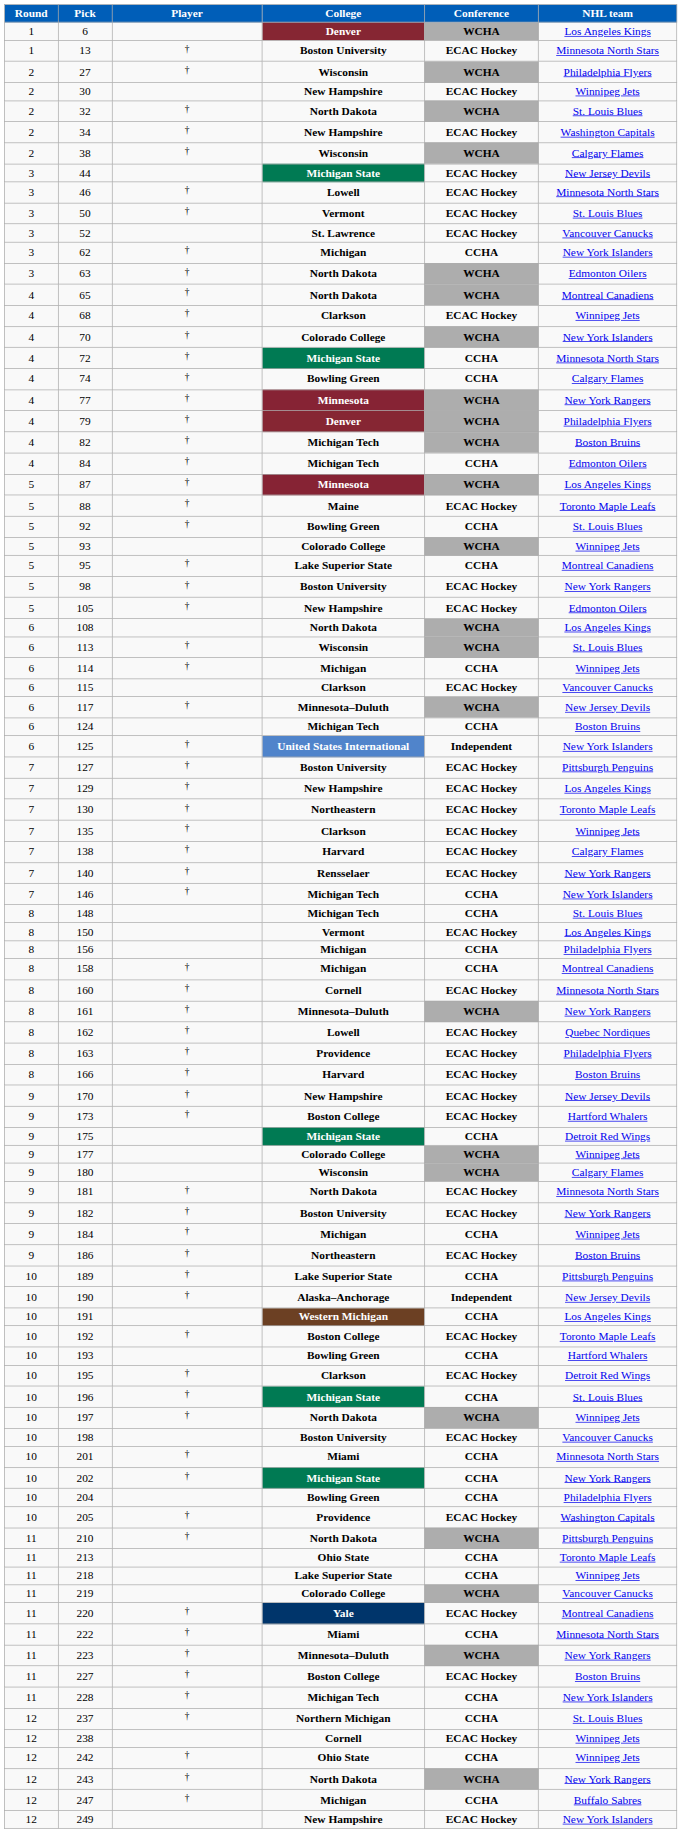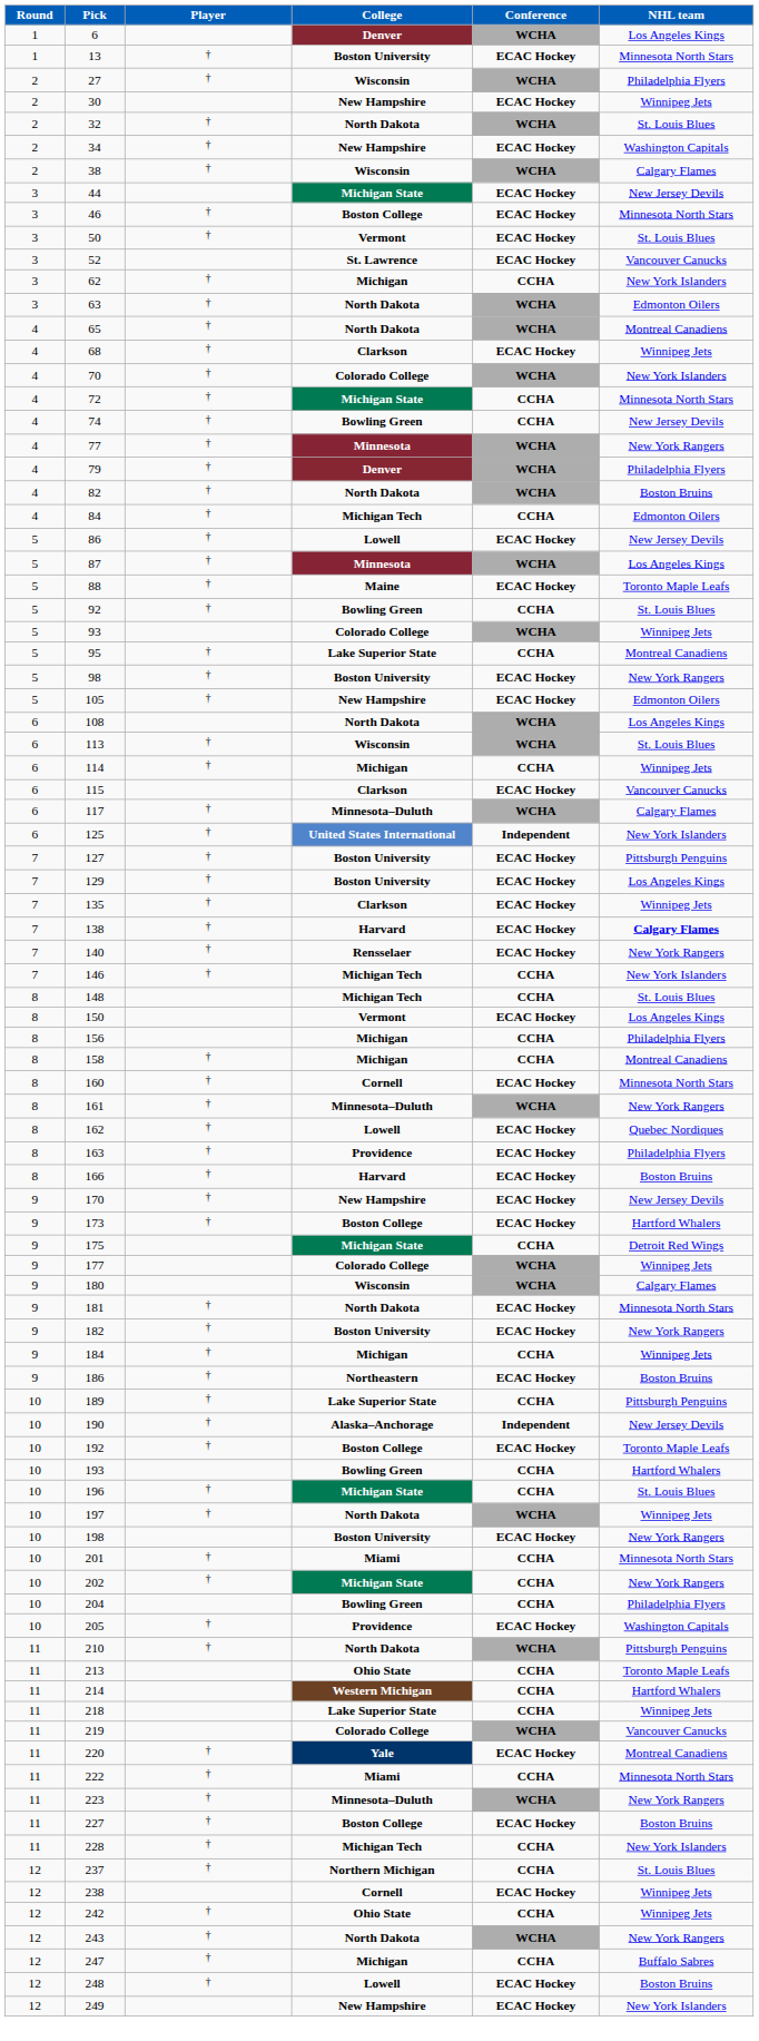 <table class="wikitable sortable" width="75%">
 <tr>
 <th style="color:white; background-color:#005EB8; width: 4em;">Round</th>
 <th style="color:white; background-color:#005EB8; width: 4em;">Pick</th>
 <th style="color:white; background-color:#005EB8; width: 12em;">Player</th>
 <th style="color:white; background-color:#005EB8; width: 13em;">College</th>
 <th style="color:white; background-color:#005EB8; width: 9em;">Conference</th>
 <th style="color:white; background-color:#005EB8; width: 11em;">NHL team</th>
 </tr>
 <tr align="center" bgcolor="">
 <td>1</td>
 <td>6</td>
 <td></td>
 <td style="color:white; background:#862633; "><strong>Denver</strong></td>
 <td style="color:black; background:#ADADAD; "><strong>WCHA</strong></td>
 <td><a href='#'>Los Angeles Kings</a></td>
 </tr>
 <tr align="center" bgcolor="">
 <td>1</td>
 <td>13</td>
 <td> <sup>†</sup></td>
 <td><strong>Boston University</strong></td>
 <td><strong>ECAC Hockey</strong></td>
 <td><a href='#'>Minnesota North Stars</a></td>
 </tr>
 <tr align="center" bgcolor="">
 <td>2</td>
 <td>27</td>
 <td> <sup>†</sup></td>
 <td><strong>Wisconsin</strong></td>
 <td style="color:black; background:#ADADAD; "><strong>WCHA</strong></td>
 <td><a href='#'>Philadelphia Flyers</a></td>
 </tr>
 <tr align="center" bgcolor="">
 <td>2</td>
 <td>30</td>
 <td></td>
 <td><strong>New Hampshire</strong></td>
 <td><strong>ECAC Hockey</strong></td>
 <td><a href='#'>Winnipeg Jets</a></td>
 </tr>
 <tr align="center" bgcolor="">
 <td>2</td>
 <td>32</td>
 <td> <sup>†</sup></td>
 <td><strong>North Dakota</strong></td>
 <td style="color:black; background:#ADADAD; "><strong>WCHA</strong></td>
 <td><a href='#'>St. Louis Blues</a></td>
 </tr>
 <tr align="center" bgcolor="">
 <td>2</td>
 <td>34</td>
 <td> <sup>†</sup></td>
 <td><strong>New Hampshire</strong></td>
 <td><strong>ECAC Hockey</strong></td>
 <td><a href='#'>Washington Capitals</a></td>
 </tr>
 <tr align="center" bgcolor="">
 <td>2</td>
 <td>38</td>
 <td> <sup>†</sup></td>
 <td><strong>Wisconsin</strong></td>
 <td style="color:black; background:#ADADAD; "><strong>WCHA</strong></td>
 <td><a href='#'>Calgary Flames</a></td>
 </tr>
 <tr align="center" bgcolor="">
 <td>3</td>
 <td>44</td>
 <td></td>
 <td style="color:white; background:#007A53"><strong>Michigan State</strong></td>
 <td><strong>ECAC Hockey</strong></td>
 <td><a href='#'>New Jersey Devils</a></td>
 </tr>
 <tr align="center" bgcolor="">
 <td>3</td>
 <td>46</td>
 <td> <sup>†</sup></td>
-<td><strong>Lowell</strong></td>
+<td><strong>Boston College</strong></td>
 <td><strong>ECAC Hockey</strong></td>
 <td><a href='#'>Minnesota North Stars</a></td>
 </tr>
 <tr align="center" bgcolor="">
 <td>3</td>
 <td>50</td>
 <td> <sup>†</sup></td>
 <td><strong>Vermont</strong></td>
 <td><strong>ECAC Hockey</strong></td>
 <td><a href='#'>St. Louis Blues</a></td>
 </tr>
 <tr align="center" bgcolor="">
 <td>3</td>
 <td>52</td>
 <td></td>
 <td><strong>St. Lawrence</strong></td>
 <td><strong>ECAC Hockey</strong></td>
 <td><a href='#'>Vancouver Canucks</a></td>
 </tr>
 <tr align="center" bgcolor="">
 <td>3</td>
 <td>62</td>
 <td> <sup>†</sup></td>
 <td><strong>Michigan</strong></td>
 <td><strong>CCHA</strong></td>
 <td><a href='#'>New York Islanders</a></td>
 </tr>
 <tr align="center" bgcolor="">
 <td>3</td>
 <td>63</td>
 <td> <sup>†</sup></td>
 <td><strong>North Dakota</strong></td>
 <td style="color:black; background:#ADADAD; "><strong>WCHA</strong></td>
 <td><a href='#'>Edmonton Oilers</a></td>
 </tr>
 <tr align="center" bgcolor="">
 <td>4</td>
 <td>65</td>
 <td> <sup>†</sup></td>
 <td><strong>North Dakota</strong></td>
 <td style="color:black; background:#ADADAD; "><strong>WCHA</strong></td>
 <td><a href='#'>Montreal Canadiens</a></td>
 </tr>
 <tr align="center" bgcolor="">
 <td>4</td>
 <td>68</td>
 <td> <sup>†</sup></td>
 <td><strong>Clarkson</strong></td>
 <td><strong>ECAC Hockey</strong></td>
 <td><a href='#'>Winnipeg Jets</a></td>
 </tr>
 <tr align="center" bgcolor="">
 <td>4</td>
 <td>70</td>
 <td> <sup>†</sup></td>
 <td><strong>Colorado College</strong></td>
 <td style="color:black; background:#ADADAD; "><strong>WCHA</strong></td>
 <td><a href='#'>New York Islanders</a></td>
 </tr>
 <tr align="center" bgcolor="">
 <td>4</td>
 <td>72</td>
 <td> <sup>†</sup></td>
 <td style="color:white; background:#007A53"><strong>Michigan State</strong></td>
 <td><strong>CCHA</strong></td>
 <td><a href='#'>Minnesota North Stars</a></td>
 </tr>
 <tr align="center" bgcolor="">
 <td>4</td>
 <td>74</td>
 <td> <sup>†</sup></td>
 <td><strong>Bowling Green</strong></td>
 <td><strong>CCHA</strong></td>
-<td><a href='#'>Calgary Flames</a></td>
+<td><a href='#'>New Jersey Devils</a></td>
 </tr>
 <tr align="center" bgcolor="">
 <td>4</td>
 <td>77</td>
 <td> <sup>†</sup></td>
 <td style="color:white; background:#862334; "><strong>Minnesota</strong></td>
 <td style="color:black; background:#ADADAD; "><strong>WCHA</strong></td>
 <td><a href='#'>New York Rangers</a></td>
 </tr>
 <tr align="center" bgcolor="">
 <td>4</td>
 <td>79</td>
 <td> <sup>†</sup></td>
 <td style="color:white; background:#862633; "><strong>Denver</strong></td>
 <td style="color:black; background:#ADADAD; "><strong>WCHA</strong></td>
 <td><a href='#'>Philadelphia Flyers</a></td>
 </tr>
 <tr align="center" bgcolor="">
 <td>4</td>
 <td>82</td>
 <td> <sup>†</sup></td>
-<td><strong>Michigan Tech</strong></td>
+<td><strong>North Dakota</strong></td>
 <td style="color:black; background:#ADADAD; "><strong>WCHA</strong></td>
 <td><a href='#'>Boston Bruins</a></td>
 </tr>
 <tr align="center" bgcolor="">
 <td>4</td>
 <td>84</td>
 <td> <sup>†</sup></td>
 <td><strong>Michigan Tech</strong></td>
 <td><strong>CCHA</strong></td>
 <td><a href='#'>Edmonton Oilers</a></td>
+</tr>
+<tr align="center" bgcolor="">
+<td>5</td>
+<td>86</td>
+<td> <sup>†</sup></td>
+<td><strong>Lowell</strong></td>
+<td><strong>ECAC Hockey</strong></td>
+<td><a href='#'>New Jersey Devils</a></td>
 </tr>
 <tr align="center" bgcolor="">
 <td>5</td>
 <td>87</td>
 <td> <sup>†</sup></td>
 <td style="color:white; background:#862334; "><strong>Minnesota</strong></td>
 <td style="color:black; background:#ADADAD; "><strong>WCHA</strong></td>
 <td><a href='#'>Los Angeles Kings</a></td>
 </tr>
 <tr align="center" bgcolor="">
 <td>5</td>
 <td>88</td>
 <td> <sup>†</sup></td>
 <td><strong>Maine</strong></td>
 <td><strong>ECAC Hockey</strong></td>
 <td><a href='#'>Toronto Maple Leafs</a></td>
 </tr>
 <tr align="center" bgcolor="">
 <td>5</td>
 <td>92</td>
 <td> <sup>†</sup></td>
 <td><strong>Bowling Green</strong></td>
 <td><strong>CCHA</strong></td>
 <td><a href='#'>St. Louis Blues</a></td>
 </tr>
 <tr align="center" bgcolor="">
 <td>5</td>
 <td>93</td>
 <td></td>
 <td><strong>Colorado College</strong></td>
 <td style="color:black; background:#ADADAD; "><strong>WCHA</strong></td>
 <td><a href='#'>Winnipeg Jets</a></td>
 </tr>
 <tr align="center" bgcolor="">
 <td>5</td>
 <td>95</td>
 <td> <sup>†</sup></td>
 <td><strong>Lake Superior State</strong></td>
 <td><strong>CCHA</strong></td>
 <td><a href='#'>Montreal Canadiens</a></td>
 </tr>
 <tr align="center" bgcolor="">
 <td>5</td>
 <td>98</td>
 <td> <sup>†</sup></td>
 <td><strong>Boston University</strong></td>
 <td><strong>ECAC Hockey</strong></td>
 <td><a href='#'>New York Rangers</a></td>
 </tr>
 <tr align="center" bgcolor="">
 <td>5</td>
 <td>105</td>
 <td> <sup>†</sup></td>
 <td><strong>New Hampshire</strong></td>
 <td><strong>ECAC Hockey</strong></td>
 <td><a href='#'>Edmonton Oilers</a></td>
 </tr>
 <tr align="center" bgcolor="">
 <td>6</td>
 <td>108</td>
 <td></td>
 <td><strong>North Dakota</strong></td>
 <td style="color:black; background:#ADADAD; "><strong>WCHA</strong></td>
 <td><a href='#'>Los Angeles Kings</a></td>
 </tr>
 <tr align="center" bgcolor="">
 <td>6</td>
 <td>113</td>
 <td> <sup>†</sup></td>
 <td><strong>Wisconsin</strong></td>
 <td style="color:black; background:#ADADAD; "><strong>WCHA</strong></td>
 <td><a href='#'>St. Louis Blues</a></td>
 </tr>
 <tr align="center" bgcolor="">
 <td>6</td>
 <td>114</td>
 <td> <sup>†</sup></td>
 <td><strong>Michigan</strong></td>
 <td><strong>CCHA</strong></td>
 <td><a href='#'>Winnipeg Jets</a></td>
 </tr>
 <tr align="center" bgcolor="">
 <td>6</td>
 <td>115</td>
 <td></td>
 <td><strong>Clarkson</strong></td>
 <td><strong>ECAC Hockey</strong></td>
 <td><a href='#'>Vancouver Canucks</a></td>
 </tr>
 <tr align="center" bgcolor="">
 <td>6</td>
 <td>117</td>
 <td> <sup>†</sup></td>
 <td><strong>Minnesota–Duluth</strong></td>
 <td style="color:black; background:#ADADAD; "><strong>WCHA</strong></td>
-<td><a href='#'>New Jersey Devils</a></td>
-</tr>
-<tr align="center" bgcolor="">
-<td>6</td>
-<td>124</td>
-<td></td>
-<td><strong>Michigan Tech</strong></td>
-<td><strong>CCHA</strong></td>
-<td><a href='#'>Boston Bruins</a></td>
+<td><a href='#'>Calgary Flames</a></td>
 </tr>
 <tr align="center" bgcolor="">
 <td>6</td>
 <td>125</td>
 <td> <sup>†</sup></td>
 <td style="color:white; background:#5084CB; "><strong>United States International</strong></td>
 <td><strong>Independent</strong></td>
 <td><a href='#'>New York Islanders</a></td>
 </tr>
 <tr align="center" bgcolor="">
 <td>7</td>
 <td>127</td>
 <td> <sup>†</sup></td>
 <td><strong>Boston University</strong></td>
 <td><strong>ECAC Hockey</strong></td>
 <td><a href='#'>Pittsburgh Penguins</a></td>
 </tr>
 <tr align="center" bgcolor="">
 <td>7</td>
 <td>129</td>
 <td> <sup>†</sup></td>
-<td><strong>New Hampshire</strong></td>
+<td><strong>Boston University</strong></td>
 <td><strong>ECAC Hockey</strong></td>
 <td><a href='#'>Los Angeles Kings</a></td>
-</tr>
-<tr align="center" bgcolor="">
-<td>7</td>
-<td>130</td>
-<td> <sup>†</sup></td>
-<td><strong>Northeastern</strong></td>
-<td><strong>ECAC Hockey</strong></td>
-<td><a href='#'>Toronto Maple Leafs</a></td>
 </tr>
 <tr align="center" bgcolor="">
 <td>7</td>
 <td>135</td>
 <td> <sup>†</sup></td>
 <td><strong>Clarkson</strong></td>
 <td><strong>ECAC Hockey</strong></td>
 <td><a href='#'>Winnipeg Jets</a></td>
 </tr>
 <tr align="center" bgcolor="">
 <td>7</td>
 <td>138</td>
 <td> <sup>†</sup></td>
 <td><strong>Harvard</strong></td>
 <td><strong>ECAC Hockey</strong></td>
-<td><a href='#'>Calgary Flames</a></td>
+<td><strong><a href='#'>Calgary Flames</a></strong></td>
 </tr>
 <tr align="center" bgcolor="">
 <td>7</td>
 <td>140</td>
 <td> <sup>†</sup></td>
 <td><strong>Rensselaer</strong></td>
 <td><strong>ECAC Hockey</strong></td>
 <td><a href='#'>New York Rangers</a></td>
 </tr>
 <tr align="center" bgcolor="">
 <td>7</td>
 <td>146</td>
 <td> <sup>†</sup></td>
 <td><strong>Michigan Tech</strong></td>
 <td><strong>CCHA</strong></td>
 <td><a href='#'>New York Islanders</a></td>
 </tr>
 <tr align="center" bgcolor="">
 <td>8</td>
 <td>148</td>
 <td></td>
 <td><strong>Michigan Tech</strong></td>
 <td><strong>CCHA</strong></td>
 <td><a href='#'>St. Louis Blues</a></td>
 </tr>
 <tr align="center" bgcolor="">
 <td>8</td>
 <td>150</td>
 <td></td>
 <td><strong>Vermont</strong></td>
 <td><strong>ECAC Hockey</strong></td>
 <td><a href='#'>Los Angeles Kings</a></td>
 </tr>
 <tr align="center" bgcolor="">
 <td>8</td>
 <td>156</td>
 <td></td>
 <td><strong>Michigan</strong></td>
 <td><strong>CCHA</strong></td>
 <td><a href='#'>Philadelphia Flyers</a></td>
 </tr>
 <tr align="center" bgcolor="">
 <td>8</td>
 <td>158</td>
 <td> <sup>†</sup></td>
 <td><strong>Michigan</strong></td>
 <td><strong>CCHA</strong></td>
 <td><a href='#'>Montreal Canadiens</a></td>
 </tr>
 <tr align="center" bgcolor="">
 <td>8</td>
 <td>160</td>
 <td> <sup>†</sup></td>
 <td><strong>Cornell</strong></td>
 <td><strong>ECAC Hockey</strong></td>
 <td><a href='#'>Minnesota North Stars</a></td>
 </tr>
 <tr align="center" bgcolor="">
 <td>8</td>
 <td>161</td>
 <td> <sup>†</sup></td>
 <td><strong>Minnesota–Duluth</strong></td>
 <td style="color:black; background:#ADADAD; "><strong>WCHA</strong></td>
 <td><a href='#'>New York Rangers</a></td>
 </tr>
 <tr align="center" bgcolor="">
 <td>8</td>
 <td>162</td>
 <td> <sup>†</sup></td>
 <td><strong>Lowell</strong></td>
 <td><strong>ECAC Hockey</strong></td>
 <td><a href='#'>Quebec Nordiques</a></td>
 </tr>
 <tr align="center" bgcolor="">
 <td>8</td>
 <td>163</td>
 <td> <sup>†</sup></td>
 <td><strong>Providence</strong></td>
 <td><strong>ECAC Hockey</strong></td>
 <td><a href='#'>Philadelphia Flyers</a></td>
 </tr>
 <tr align="center" bgcolor="">
 <td>8</td>
 <td>166</td>
 <td> <sup>†</sup></td>
 <td><strong>Harvard</strong></td>
 <td><strong>ECAC Hockey</strong></td>
 <td><a href='#'>Boston Bruins</a></td>
 </tr>
 <tr align="center" bgcolor="">
 <td>9</td>
 <td>170</td>
 <td> <sup>†</sup></td>
 <td><strong>New Hampshire</strong></td>
 <td><strong>ECAC Hockey</strong></td>
 <td><a href='#'>New Jersey Devils</a></td>
 </tr>
 <tr align="center" bgcolor="">
 <td>9</td>
 <td>173</td>
 <td> <sup>†</sup></td>
 <td><strong>Boston College</strong></td>
 <td><strong>ECAC Hockey</strong></td>
 <td><a href='#'>Hartford Whalers</a></td>
 </tr>
 <tr align="center" bgcolor="">
 <td>9</td>
 <td>175</td>
 <td></td>
 <td style="color:white; background:#007A53"><strong>Michigan State</strong></td>
 <td><strong>CCHA</strong></td>
 <td><a href='#'>Detroit Red Wings</a></td>
 </tr>
 <tr align="center" bgcolor="">
 <td>9</td>
 <td>177</td>
 <td></td>
 <td><strong>Colorado College</strong></td>
 <td style="color:black; background:#ADADAD; "><strong>WCHA</strong></td>
 <td><a href='#'>Winnipeg Jets</a></td>
 </tr>
 <tr align="center" bgcolor="">
 <td>9</td>
 <td>180</td>
 <td></td>
 <td><strong>Wisconsin</strong></td>
 <td style="color:black; background:#ADADAD; "><strong>WCHA</strong></td>
 <td><a href='#'>Calgary Flames</a></td>
 </tr>
 <tr align="center" bgcolor="">
 <td>9</td>
 <td>181</td>
 <td> <sup>†</sup></td>
 <td><strong>North Dakota</strong></td>
 <td><strong>ECAC Hockey</strong></td>
 <td><a href='#'>Minnesota North Stars</a></td>
 </tr>
 <tr align="center" bgcolor="">
 <td>9</td>
 <td>182</td>
 <td> <sup>†</sup></td>
 <td><strong>Boston University</strong></td>
 <td><strong>ECAC Hockey</strong></td>
 <td><a href='#'>New York Rangers</a></td>
 </tr>
 <tr align="center" bgcolor="">
 <td>9</td>
 <td>184</td>
 <td> <sup>†</sup></td>
 <td><strong>Michigan</strong></td>
 <td><strong>CCHA</strong></td>
 <td><a href='#'>Winnipeg Jets</a></td>
 </tr>
 <tr align="center" bgcolor="">
 <td>9</td>
 <td>186</td>
 <td> <sup>†</sup></td>
 <td><strong>Northeastern</strong></td>
 <td><strong>ECAC Hockey</strong></td>
 <td><a href='#'>Boston Bruins</a></td>
 </tr>
 <tr align="center" bgcolor="">
 <td>10</td>
 <td>189</td>
 <td> <sup>†</sup></td>
 <td><strong>Lake Superior State</strong></td>
 <td><strong>CCHA</strong></td>
 <td><a href='#'>Pittsburgh Penguins</a></td>
 </tr>
 <tr align="center" bgcolor="">
 <td>10</td>
 <td>190</td>
 <td> <sup>†</sup></td>
 <td><strong>Alaska–Anchorage</strong></td>
 <td><strong>Independent</strong></td>
 <td><a href='#'>New Jersey Devils</a></td>
 </tr>
 <tr align="center" bgcolor="">
 <td>10</td>
-<td>191</td>
-<td></td>
-<td style="color:white; background:#6C4023; "><strong>Western Michigan</strong></td>
-<td><strong>CCHA</strong></td>
-<td><a href='#'>Los Angeles Kings</a></td>
-</tr>
-<tr align="center" bgcolor="">
-<td>10</td>
 <td>192</td>
 <td> <sup>†</sup></td>
 <td><strong>Boston College</strong></td>
 <td><strong>ECAC Hockey</strong></td>
 <td><a href='#'>Toronto Maple Leafs</a></td>
 </tr>
 <tr align="center" bgcolor="">
 <td>10</td>
 <td>193</td>
 <td></td>
 <td><strong>Bowling Green</strong></td>
 <td><strong>CCHA</strong></td>
 <td><a href='#'>Hartford Whalers</a></td>
-</tr>
-<tr align="center" bgcolor="">
-<td>10</td>
-<td>195</td>
-<td> <sup>†</sup></td>
-<td><strong>Clarkson</strong></td>
-<td><strong>ECAC Hockey</strong></td>
-<td><a href='#'>Detroit Red Wings</a></td>
 </tr>
 <tr align="center" bgcolor="">
 <td>10</td>
 <td>196</td>
 <td> <sup>†</sup></td>
 <td style="color:white; background:#007A53"><strong>Michigan State</strong></td>
 <td><strong>CCHA</strong></td>
 <td><a href='#'>St. Louis Blues</a></td>
 </tr>
 <tr align="center" bgcolor="">
 <td>10</td>
 <td>197</td>
 <td> <sup>†</sup></td>
 <td><strong>North Dakota</strong></td>
 <td style="color:black; background:#ADADAD; "><strong>WCHA</strong></td>
 <td><a href='#'>Winnipeg Jets</a></td>
 </tr>
 <tr align="center" bgcolor="">
 <td>10</td>
 <td>198</td>
 <td></td>
 <td><strong>Boston University</strong></td>
 <td><strong>ECAC Hockey</strong></td>
-<td><a href='#'>Vancouver Canucks</a></td>
+<td><a href='#'>New York Rangers</a></td>
 </tr>
 <tr align="center" bgcolor="">
 <td>10</td>
 <td>201</td>
 <td> <sup>†</sup></td>
 <td><strong>Miami</strong></td>
 <td><strong>CCHA</strong></td>
 <td><a href='#'>Minnesota North Stars</a></td>
 </tr>
 <tr align="center" bgcolor="">
 <td>10</td>
 <td>202</td>
 <td> <sup>†</sup></td>
 <td style="color:white; background:#007A53"><strong>Michigan State</strong></td>
 <td><strong>CCHA</strong></td>
 <td><a href='#'>New York Rangers</a></td>
 </tr>
 <tr align="center" bgcolor="">
 <td>10</td>
 <td>204</td>
 <td></td>
 <td><strong>Bowling Green</strong></td>
 <td><strong>CCHA</strong></td>
 <td><a href='#'>Philadelphia Flyers</a></td>
 </tr>
 <tr align="center" bgcolor="">
 <td>10</td>
 <td>205</td>
 <td> <sup>†</sup></td>
 <td><strong>Providence</strong></td>
 <td><strong>ECAC Hockey</strong></td>
 <td><a href='#'>Washington Capitals</a></td>
 </tr>
 <tr align="center" bgcolor="">
 <td>11</td>
 <td>210</td>
 <td> <sup>†</sup></td>
 <td><strong>North Dakota</strong></td>
 <td style="color:black; background:#ADADAD; "><strong>WCHA</strong></td>
 <td><a href='#'>Pittsburgh Penguins</a></td>
 </tr>
 <tr align="center" bgcolor="">
 <td>11</td>
 <td>213</td>
 <td></td>
 <td><strong>Ohio State</strong></td>
 <td><strong>CCHA</strong></td>
 <td><a href='#'>Toronto Maple Leafs</a></td>
+</tr>
+<tr align="center" bgcolor="">
+<td>11</td>
+<td>214</td>
+<td></td>
+<td style="color:white; background:#6C4023; "><strong>Western Michigan</strong></td>
+<td><strong>CCHA</strong></td>
+<td><a href='#'>Hartford Whalers</a></td>
 </tr>
 <tr align="center" bgcolor="">
 <td>11</td>
 <td>218</td>
 <td></td>
 <td><strong>Lake Superior State</strong></td>
 <td><strong>CCHA</strong></td>
 <td><a href='#'>Winnipeg Jets</a></td>
 </tr>
 <tr align="center" bgcolor="">
 <td>11</td>
 <td>219</td>
 <td></td>
 <td><strong>Colorado College</strong></td>
 <td style="color:black; background:#ADADAD; "><strong>WCHA</strong></td>
 <td><a href='#'>Vancouver Canucks</a></td>
 </tr>
 <tr align="center" bgcolor="">
 <td>11</td>
 <td>220</td>
 <td> <sup>†</sup></td>
 <td style="color:white; background:#00356B"><strong>Yale</strong></td>
 <td><strong>ECAC Hockey</strong></td>
 <td><a href='#'>Montreal Canadiens</a></td>
 </tr>
 <tr align="center" bgcolor="">
 <td>11</td>
 <td>222</td>
 <td> <sup>†</sup></td>
 <td><strong>Miami</strong></td>
 <td><strong>CCHA</strong></td>
 <td><a href='#'>Minnesota North Stars</a></td>
 </tr>
 <tr align="center" bgcolor="">
 <td>11</td>
 <td>223</td>
 <td> <sup>†</sup></td>
 <td><strong>Minnesota–Duluth</strong></td>
 <td style="color:black; background:#ADADAD; "><strong>WCHA</strong></td>
 <td><a href='#'>New York Rangers</a></td>
 </tr>
 <tr align="center" bgcolor="">
 <td>11</td>
 <td>227</td>
 <td> <sup>†</sup></td>
 <td><strong>Boston College</strong></td>
 <td><strong>ECAC Hockey</strong></td>
 <td><a href='#'>Boston Bruins</a></td>
 </tr>
 <tr align="center" bgcolor="">
 <td>11</td>
 <td>228</td>
 <td> <sup>†</sup></td>
 <td><strong>Michigan Tech</strong></td>
 <td><strong>CCHA</strong></td>
 <td><a href='#'>New York Islanders</a></td>
 </tr>
 <tr align="center" bgcolor="">
 <td>12</td>
 <td>237</td>
 <td> <sup>†</sup></td>
 <td><strong>Northern Michigan</strong></td>
 <td><strong>CCHA</strong></td>
 <td><a href='#'>St. Louis Blues</a></td>
 </tr>
 <tr align="center" bgcolor="">
 <td>12</td>
 <td>238</td>
 <td></td>
 <td><strong>Cornell</strong></td>
 <td><strong>ECAC Hockey</strong></td>
 <td><a href='#'>Winnipeg Jets</a></td>
 </tr>
 <tr align="center" bgcolor="">
 <td>12</td>
 <td>242</td>
 <td> <sup>†</sup></td>
 <td><strong>Ohio State</strong></td>
 <td><strong>CCHA</strong></td>
 <td><a href='#'>Winnipeg Jets</a></td>
 </tr>
 <tr align="center" bgcolor="">
 <td>12</td>
 <td>243</td>
 <td> <sup>†</sup></td>
 <td><strong>North Dakota</strong></td>
 <td style="color:black; background:#ADADAD; "><strong>WCHA</strong></td>
 <td><a href='#'>New York Rangers</a></td>
 </tr>
 <tr align="center" bgcolor="">
 <td>12</td>
 <td>247</td>
 <td> <sup>†</sup></td>
 <td><strong>Michigan</strong></td>
 <td><strong>CCHA</strong></td>
 <td><a href='#'>Buffalo Sabres</a></td>
 </tr>
 <tr align="center" bgcolor="">
 <td>12</td>
+<td>248</td>
+<td> <sup>†</sup></td>
+<td><strong>Lowell</strong></td>
+<td><strong>ECAC Hockey</strong></td>
+<td><a href='#'>Boston Bruins</a></td>
+</tr>
+<tr align="center" bgcolor="">
+<td>12</td>
 <td>249</td>
 <td></td>
 <td><strong>New Hampshire</strong></td>
 <td><strong>ECAC Hockey</strong></td>
 <td><a href='#'>New York Islanders</a></td>
 </tr>
 </table>
